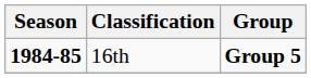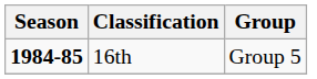 <table class="wikitable">
 <tr>
 <th>Season</th>
 <th>Classification </th>
 <th colspan="2">Group</th>
 </tr>
 <tr>
 <td align="center"><strong>1984-85</strong></td>
 <td>16th</td>
-<td><strong>Group 5</strong></td>
+<td>Group 5</td>
 </tr>
 <tr>
 </tr>
 </table>
